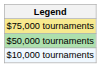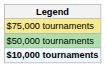 <table class="wikitable" style="font-size:85%;">
 <tr>
 <th>Legend</th>
 </tr>
 <tr bgcolor="#F7E98E">
 <td>$75,000 tournaments</td>
 </tr>
 <tr bgcolor="#ADDFAD">
 <td>$50,000 tournaments</td>
 </tr>
 <tr bgcolor="#f0f8ff">
-<td>$10,000 tournaments</td>
+<td><strong>$10,000 tournaments</strong></td>
 </tr>
 </table>
